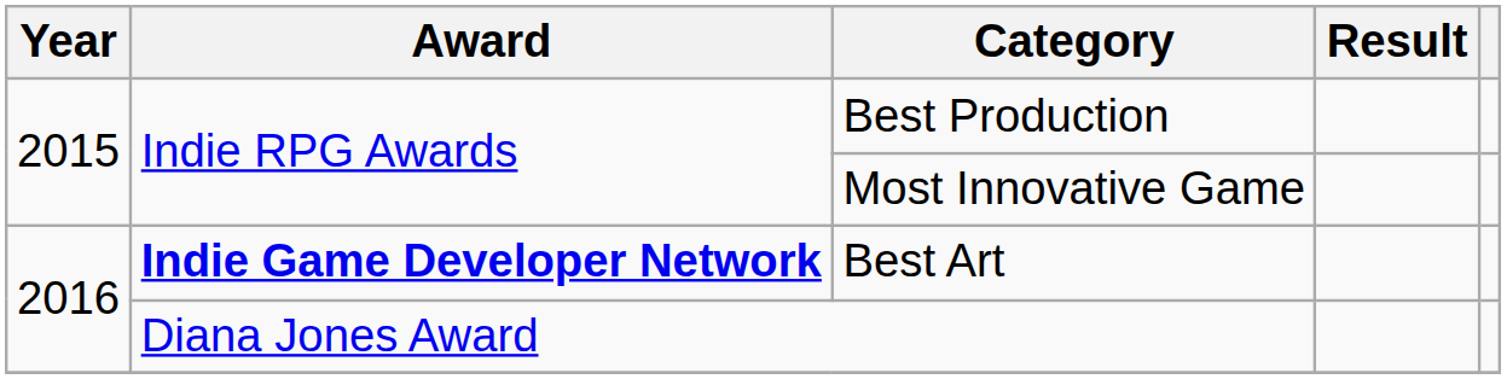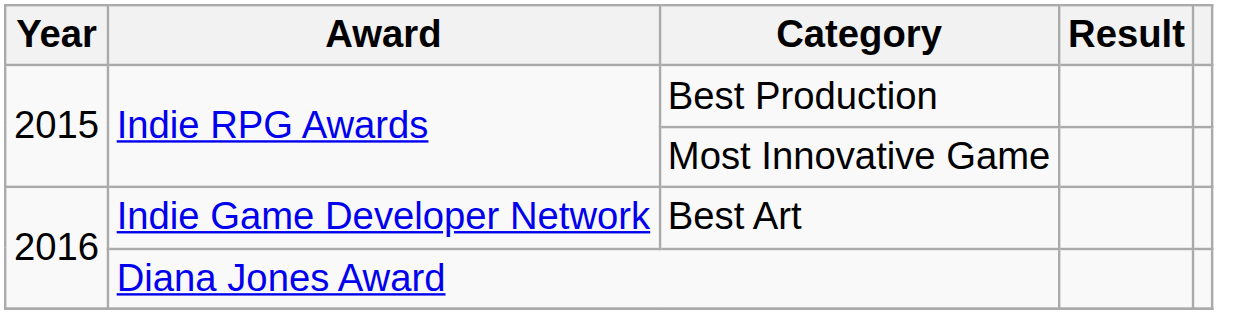 <table class="wikitable sortable">
 <tr>
 <th>Year</th>
 <th>Award</th>
 <th>Category</th>
 <th>Result</th>
 <th class="unsortable"></th>
 </tr>
 <tr>
 <td rowspan="2">2015</td>
 <td rowspan="2"><a href='#'>Indie RPG Awards</a></td>
 <td>Best Production</td>
 <td></td>
 <td></td>
 </tr>
 <tr>
 <td>Most Innovative Game</td>
 <td></td>
 <td></td>
 </tr>
 <tr>
 <td rowspan="2">2016</td>
-<td><strong><a href='#'>Indie Game Developer Network</a></strong></td>
+<td><a href='#'>Indie Game Developer Network</a></td>
 <td>Best Art</td>
 <td></td>
 <td></td>
 </tr>
 <tr>
 <td colspan="2"><a href='#'>Diana Jones Award</a></td>
 <td></td>
 <td></td>
 </tr>
 <tr>
 </tr>
 </table>
